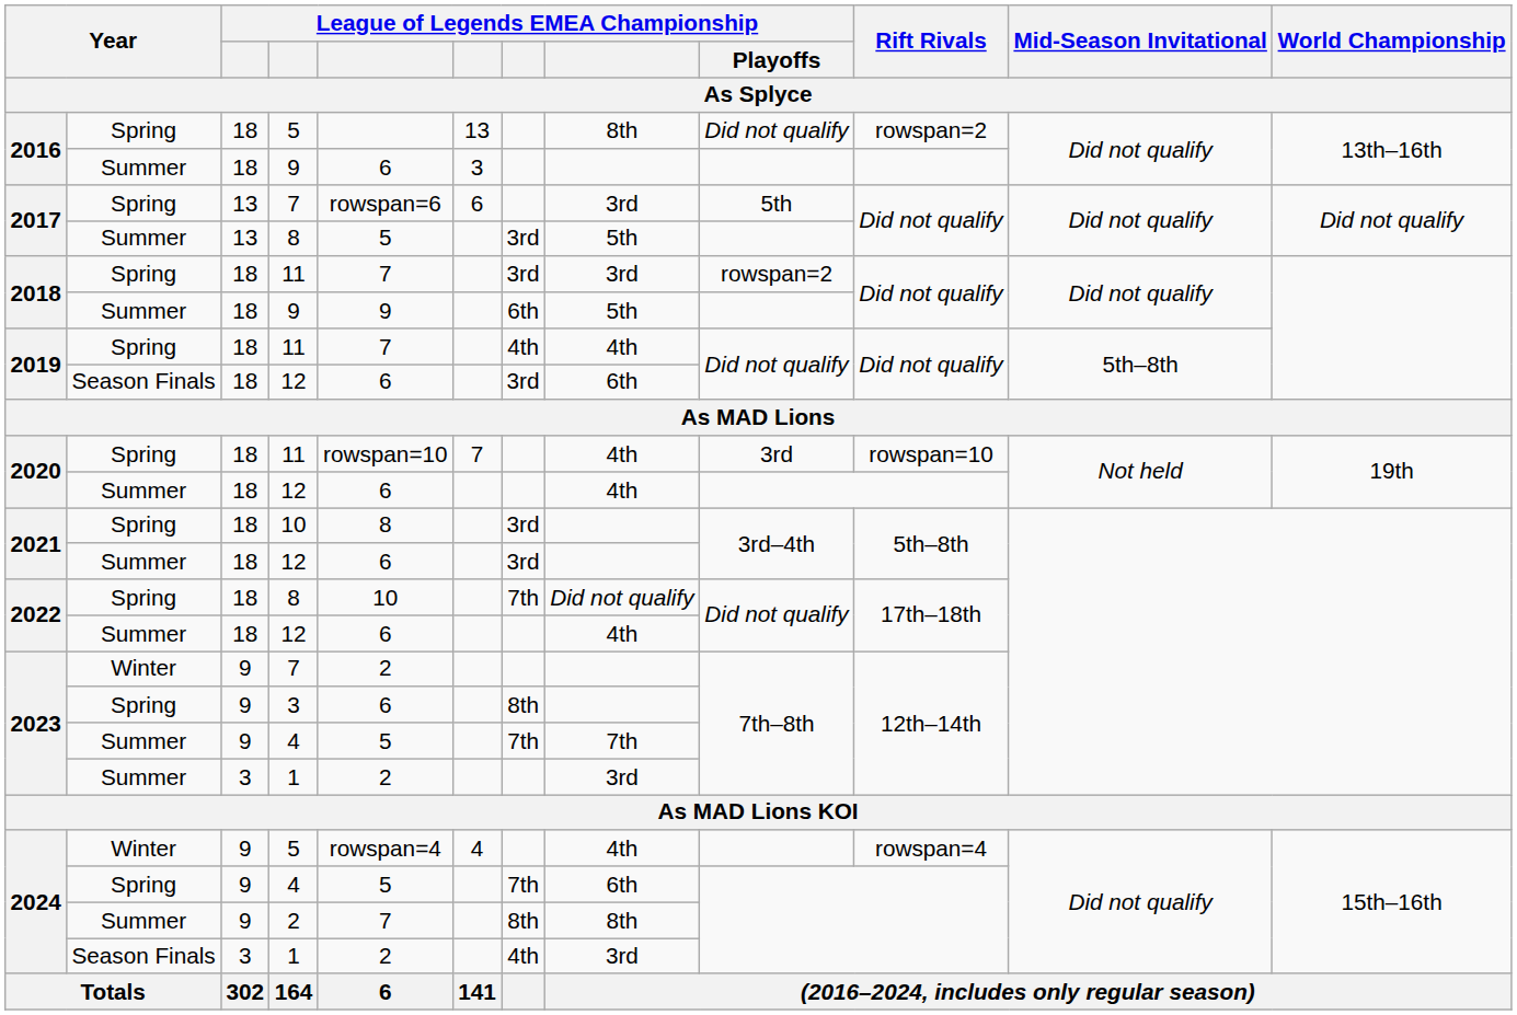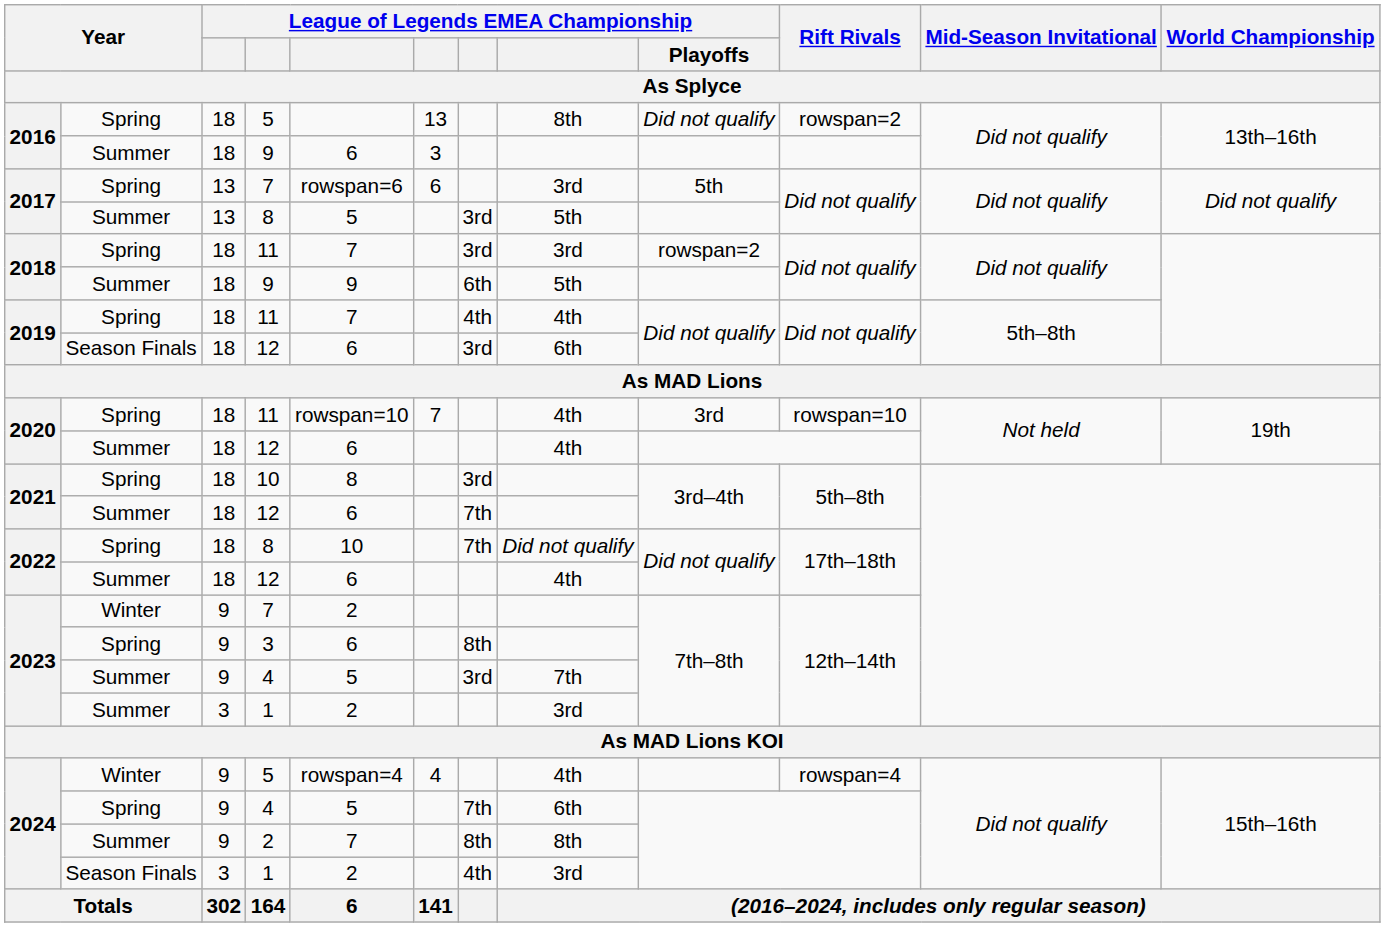 <table class="wikitable sortable" style="font-size:90%; text-align:center; white-space:nowrap">
 <tr>
 <th rowspan=2 colspan=2>Year</th>
 <th colspan=7><a href='#'>League of Legends EMEA Championship</a></th>
 <th rowspan=2><a href='#'>Rift Rivals</a></th>
 <th rowspan=2><a href='#'>Mid-Season Invitational</a></th>
 <th rowspan=2><a href='#'>World Championship</a></th>
 </tr>
 <tr>
 <th></th>
 <th></th>
 <th></th>
 <th></th>
 <th></th>
 <th></th>
 <th>Playoffs</th>
 </tr>
 <tr>
 <th colspan="12"><strong>As Splyce</strong></th>
 </tr>
 <tr>
 <th rowspan=2>2016</th>
 <td>Spring</td>
 <td>18</td>
 <td>5</td>
 <td></td>
 <td>13</td>
 <td></td>
 <td>8th</td>
 <td><em>Did not qualify</em></td>
 <td>rowspan=2 </td>
 <td rowspan=2><em>Did not qualify</em></td>
 <td rowspan=2>13th–16th</td>
 </tr>
 <tr>
 <td>Summer</td>
 <td>18</td>
 <td>9</td>
 <td>6</td>
 <td>3</td>
 <td></td>
 <td></td>
 <td></td>
 </tr>
 <tr>
 <th rowspan=2>2017</th>
 <td>Spring</td>
 <td>13</td>
 <td>7</td>
 <td>rowspan=6 </td>
 <td>6</td>
 <td></td>
 <td>3rd</td>
 <td>5th</td>
 <td rowspan=2><em>Did not qualify</em></td>
 <td rowspan=2><em>Did not qualify</em></td>
 <td rowspan=2><em>Did not qualify</em></td>
 </tr>
 <tr>
 <td>Summer</td>
 <td>13</td>
 <td>8</td>
 <td>5</td>
 <td></td>
 <td>3rd</td>
 <td>5th</td>
 </tr>
 <tr>
 <th rowspan=2>2018</th>
 <td>Spring</td>
 <td>18</td>
 <td>11</td>
 <td>7</td>
 <td></td>
 <td>3rd</td>
 <td>3rd</td>
 <td>rowspan=2 </td>
 <td rowspan=2><em>Did not qualify</em></td>
 <td rowspan=2><em>Did not qualify</em></td>
 </tr>
 <tr>
 <td>Summer</td>
 <td>18</td>
 <td>9</td>
 <td>9</td>
 <td></td>
 <td>6th</td>
 <td>5th</td>
 </tr>
 <tr>
 <th rowspan=2>2019</th>
 <td>Spring</td>
 <td>18</td>
 <td>11</td>
 <td>7</td>
 <td></td>
 <td>4th</td>
 <td>4th</td>
 <td rowspan=2><em>Did not qualify</em></td>
 <td rowspan=2><em>Did not qualify</em></td>
 <td rowspan=2>5th–8th</td>
 </tr>
 <tr>
 <td>Season Finals</td>
 <td>18</td>
 <td>12</td>
 <td>6</td>
 <td></td>
 <td>3rd</td>
 <td>6th</td>
 </tr>
 <tr>
 <th colspan="12"><strong>As MAD Lions</strong></th>
 </tr>
 <tr>
 <th rowspan=2>2020</th>
 <td>Spring</td>
 <td>18</td>
 <td>11</td>
 <td>rowspan=10 </td>
 <td>7</td>
 <td></td>
 <td>4th</td>
 <td>3rd</td>
 <td>rowspan=10 </td>
 <td rowspan=2><em>Not held</em></td>
 <td rowspan=2>19th</td>
 </tr>
 <tr>
 <td>Summer</td>
 <td>18</td>
 <td>12</td>
 <td>6</td>
 <td></td>
 <td></td>
 <td>4th</td>
 </tr>
 <tr>
 <th rowspan=2>2021</th>
 <td>Spring</td>
 <td>18</td>
 <td>10</td>
 <td>8</td>
 <td></td>
 <td>3rd</td>
 <td></td>
 <td rowspan=2>3rd–4th</td>
 <td rowspan=2>5th–8th</td>
 </tr>
 <tr>
 <td>Summer</td>
 <td>18</td>
 <td>12</td>
 <td>6</td>
 <td></td>
-<td>3rd</td>
+<td>7th</td>
 <td></td>
 </tr>
 <tr>
 <th rowspan=2>2022</th>
 <td>Spring</td>
 <td>18</td>
 <td>8</td>
 <td>10</td>
 <td></td>
 <td>7th</td>
 <td><em>Did not qualify</em></td>
 <td rowspan=2><em>Did not qualify</em></td>
 <td rowspan=2>17th–18th</td>
 </tr>
 <tr>
 <td>Summer</td>
 <td>18</td>
 <td>12</td>
 <td>6</td>
 <td></td>
 <td></td>
 <td>4th</td>
 </tr>
 <tr>
 <th rowspan=4>2023</th>
 <td>Winter</td>
 <td>9</td>
 <td>7</td>
 <td>2</td>
 <td></td>
 <td></td>
 <td></td>
 <td rowspan=4>7th–8th</td>
 <td rowspan=4>12th–14th</td>
 </tr>
 <tr>
 <td>Spring</td>
 <td>9</td>
 <td>3</td>
 <td>6</td>
 <td></td>
 <td>8th</td>
 <td></td>
 </tr>
 <tr>
 <td>Summer</td>
 <td>9</td>
 <td>4</td>
 <td>5</td>
 <td></td>
-<td>7th</td>
+<td>3rd</td>
 <td>7th</td>
 </tr>
 <tr>
 <td>Summer</td>
 <td>3</td>
 <td>1</td>
 <td>2</td>
 <td></td>
 <td></td>
 <td>3rd</td>
 </tr>
 <tr>
 <th colspan="12"><strong>As MAD Lions KOI</strong></th>
 </tr>
 <tr>
 <th rowspan=4>2024</th>
 <td>Winter</td>
 <td>9</td>
 <td>5</td>
 <td>rowspan=4 </td>
 <td>4</td>
 <td></td>
 <td>4th</td>
 <td></td>
 <td>rowspan=4 </td>
 <td rowspan=4><em>Did not qualify</em></td>
 <td rowspan=4>15th–16th</td>
 </tr>
 <tr>
 <td>Spring</td>
 <td>9</td>
 <td>4</td>
 <td>5</td>
 <td></td>
 <td>7th</td>
 <td>6th</td>
 </tr>
 <tr>
 <td>Summer</td>
 <td>9</td>
 <td>2</td>
 <td>7</td>
 <td></td>
 <td>8th</td>
 <td>8th</td>
 </tr>
 <tr>
 <td>Season Finals</td>
 <td>3</td>
 <td>1</td>
 <td>2</td>
 <td></td>
 <td>4th</td>
 <td>3rd</td>
 </tr>
 <tr>
 <th colspan=2>Totals</th>
 <th>302</th>
 <th>164</th>
 <th>6</th>
 <th>141</th>
 <th></th>
 <th colspan=5><em>(2016–2024, includes only regular season)</em></th>
 </tr>
 </table>
